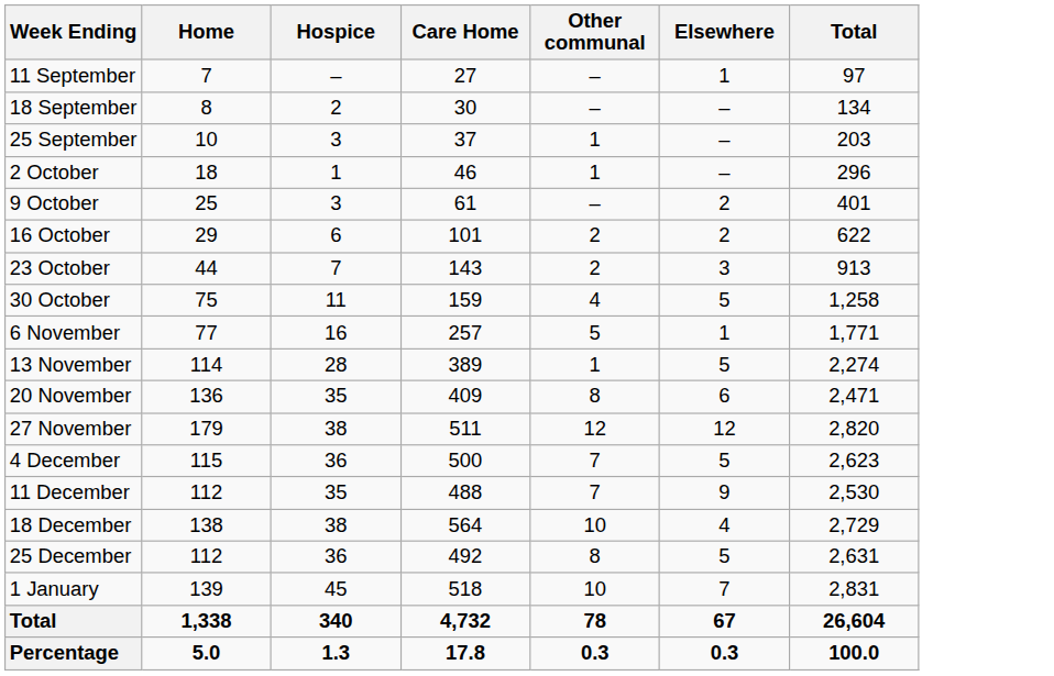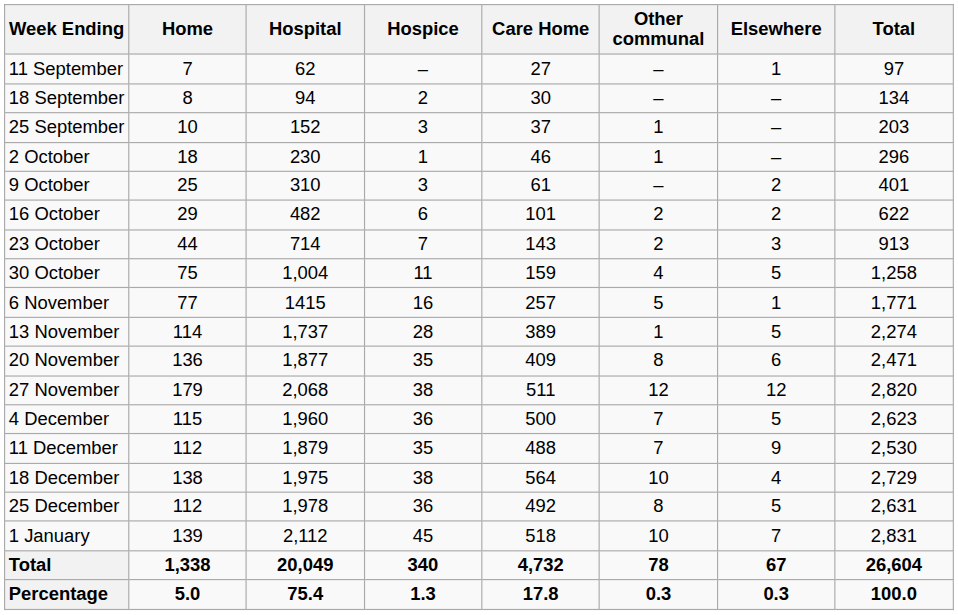 <table class="wikitable">
 <tr>
 <th>Week Ending</th>
 <th>Home</th>
+<th>Hospital</th>
 <th>Hospice</th>
 <th>Care Home</th>
 <th>Other communal</th>
 <th>Elsewhere</th>
 <th>Total</th>
 </tr>
 <tr>
 <td>11 September</td>
 <td style="width: 95px; text-align:center">7</td>
+<td style="width: 95px; text-align:center">62</td>
 <td style="width: 95px; text-align:center">–</td>
 <td style="width: 95px; text-align:center">27</td>
 <td style="width: 95px; text-align:center">–</td>
 <td style="width: 95px; text-align:center">1</td>
 <td style="width: 95px; text-align:center">97</td>
 </tr>
 <tr>
 <td>18 September</td>
 <td style=" text-align:center">8</td>
+<td style=" text-align:center">94</td>
 <td style=" text-align:center">2</td>
 <td style=" text-align:center">30</td>
 <td style=" text-align:center">–</td>
 <td style=" text-align:center">–</td>
 <td style=" text-align:center">134</td>
 </tr>
 <tr>
 <td>25 September</td>
 <td style=" text-align:center">10</td>
+<td style=" text-align:center">152</td>
 <td style=" text-align:center">3</td>
 <td style=" text-align:center">37</td>
 <td style=" text-align:center">1</td>
 <td style=" text-align:center">–</td>
 <td style=" text-align:center">203</td>
 </tr>
 <tr>
 <td>2 October</td>
 <td style=" text-align:center">18</td>
+<td style=" text-align:center">230</td>
 <td style=" text-align:center">1</td>
 <td style=" text-align:center">46</td>
 <td style=" text-align:center">1</td>
 <td style=" text-align:center">–</td>
 <td style=" text-align:center">296</td>
 </tr>
 <tr>
 <td>9 October</td>
 <td style=" text-align:center">25</td>
+<td style=" text-align:center">310</td>
 <td style=" text-align:center">3</td>
 <td style=" text-align:center">61</td>
 <td style=" text-align:center">–</td>
 <td style=" text-align:center">2</td>
 <td style=" text-align:center">401</td>
 </tr>
 <tr>
 <td>16 October</td>
 <td style=" text-align:center">29</td>
+<td style=" text-align:center">482</td>
 <td style=" text-align:center">6</td>
 <td style=" text-align:center">101</td>
 <td style=" text-align:center">2</td>
 <td style=" text-align:center">2</td>
 <td style=" text-align:center">622</td>
 </tr>
 <tr>
 <td>23 October</td>
 <td style=" text-align:center">44</td>
+<td style=" text-align:center">714</td>
 <td style=" text-align:center">7</td>
 <td style=" text-align:center">143</td>
 <td style=" text-align:center">2</td>
 <td style=" text-align:center">3</td>
 <td style=" text-align:center">913</td>
 </tr>
 <tr>
 <td>30 October</td>
 <td style=" text-align:center">75</td>
+<td style=" text-align:center">1,004</td>
 <td style=" text-align:center">11</td>
 <td style=" text-align:center">159</td>
 <td style=" text-align:center">4</td>
 <td style=" text-align:center">5</td>
 <td style=" text-align:center">1,258</td>
 </tr>
 <tr>
 <td>6 November</td>
 <td style=" text-align:center">77</td>
+<td style=" text-align:center">1415</td>
 <td style=" text-align:center">16</td>
 <td style=" text-align:center">257</td>
 <td style=" text-align:center">5</td>
 <td style=" text-align:center">1</td>
 <td style=" text-align:center">1,771</td>
 </tr>
 <tr>
 <td>13 November</td>
 <td style=" text-align:center">114</td>
+<td style=" text-align:center">1,737</td>
 <td style=" text-align:center">28</td>
 <td style=" text-align:center">389</td>
 <td style=" text-align:center">1</td>
 <td style=" text-align:center">5</td>
 <td style=" text-align:center">2,274</td>
 </tr>
 <tr>
 <td>20 November</td>
 <td style=" text-align:center">136</td>
+<td style=" text-align:center">1,877</td>
 <td style=" text-align:center">35</td>
 <td style=" text-align:center">409</td>
 <td style=" text-align:center">8</td>
 <td style=" text-align:center">6</td>
 <td style=" text-align:center">2,471</td>
 </tr>
 <tr>
 <td>27 November</td>
 <td style=" text-align:center">179</td>
+<td style=" text-align:center">2,068</td>
 <td style=" text-align:center">38</td>
 <td style=" text-align:center">511</td>
 <td style=" text-align:center">12</td>
 <td style=" text-align:center">12</td>
 <td style=" text-align:center">2,820</td>
 </tr>
 <tr>
 <td>4 December</td>
 <td style=" text-align:center">115</td>
+<td style=" text-align:center">1,960</td>
 <td style=" text-align:center">36</td>
 <td style=" text-align:center">500</td>
 <td style=" text-align:center">7</td>
 <td style=" text-align:center">5</td>
 <td style=" text-align:center">2,623</td>
 </tr>
 <tr>
 <td>11 December</td>
 <td style=" text-align:center">112</td>
+<td style=" text-align:center">1,879</td>
 <td style=" text-align:center">35</td>
 <td style=" text-align:center">488</td>
 <td style=" text-align:center">7</td>
 <td style=" text-align:center">9</td>
 <td style=" text-align:center">2,530</td>
 </tr>
 <tr>
 <td>18 December</td>
 <td style=" text-align:center">138</td>
+<td style=" text-align:center">1,975</td>
 <td style=" text-align:center">38</td>
 <td style=" text-align:center">564</td>
 <td style=" text-align:center">10</td>
 <td style=" text-align:center">4</td>
 <td style=" text-align:center">2,729</td>
 </tr>
 <tr>
 <td>25 December</td>
 <td style=" text-align:center">112</td>
+<td style=" text-align:center">1,978</td>
 <td style=" text-align:center">36</td>
 <td style=" text-align:center">492</td>
 <td style=" text-align:center">8</td>
 <td style=" text-align:center">5</td>
 <td style=" text-align:center">2,631</td>
 </tr>
 <tr>
 <td>1 January</td>
 <td style=" text-align:center">139</td>
+<td style=" text-align:center">2,112</td>
 <td style=" text-align:center">45</td>
 <td style=" text-align:center">518</td>
 <td style=" text-align:center">10</td>
 <td style=" text-align:center">7</td>
 <td style=" text-align:center">2,831</td>
 </tr>
 <tr>
 <th style=" text-align:left"><strong>Total</strong></th>
 <td style=" text-align:center"><strong>1,338</strong></td>
+<td style=" text-align:center"><strong>20,049</strong></td>
 <td style=" text-align:center"><strong>340</strong></td>
 <td style=" text-align:center"><strong>4,732</strong></td>
 <td style=" text-align:center"><strong>78</strong></td>
 <td style=" text-align:center"><strong>67</strong></td>
 <td style=" text-align:center"><strong>26,604</strong></td>
 </tr>
 <tr>
 <th style=" text-align:left"><strong>Percentage</strong></th>
 <td style=" text-align:center"><strong>5.0</strong></td>
+<td style=" text-align:center"><strong>75.4</strong></td>
 <td style=" text-align:center"><strong>1.3</strong></td>
 <td style=" text-align:center"><strong>17.8</strong></td>
 <td style=" text-align:center"><strong>0.3</strong></td>
 <td style=" text-align:center"><strong>0.3</strong></td>
 <td style=" text-align:center"><strong>100.0</strong></td>
 </tr>
 </table>
